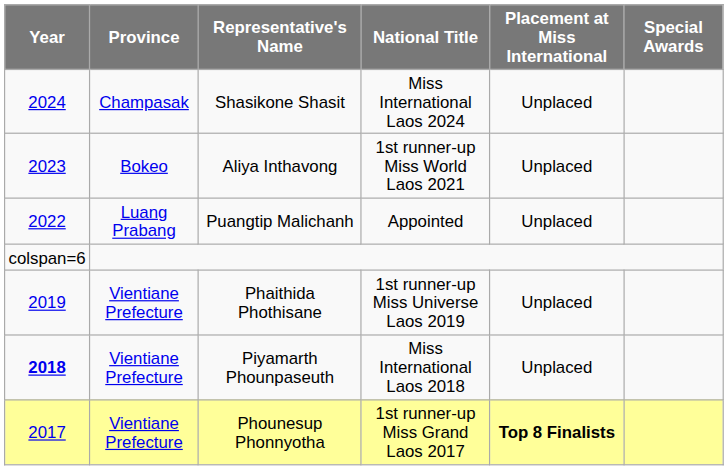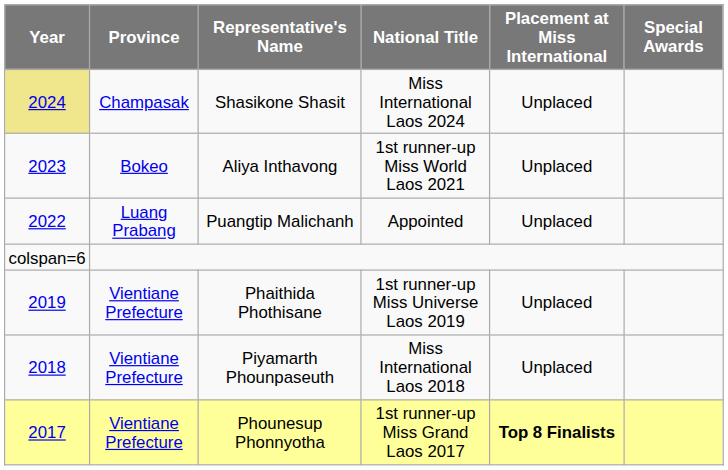 <table class="wikitable " style="font-size: 89%; text-align:center">
 <tr>
 <th width="50" style="background-color:#787878;color:#FFFFFF;">Year</th>
 <th width="150" style="background-color:#787878;color:#FFFFFF;">Province</th>
 <th width="250" style="background-color:#787878;color:#FFFFFF;">Representative's Name</th>
 <th width="260" style="background-color:#787878;color:#FFFFFF;">National Title</th>
 <th width="250" style="background-color:#787878;color:#FFFFFF;">Placement at Miss International</th>
 <th width="250" style="background-color:#787878;color:#FFFFFF;">Special Awards</th>
 </tr>
 <tr>
-<td><a href='#'>2024</a></td>
+<td style="background: khaki;"><a href='#'>2024</a></td>
 <td><a href='#'>Champasak</a></td>
 <td>Shasikone Shasit</td>
 <td>Miss International Laos 2024</td>
 <td>Unplaced</td>
 <td></td>
 </tr>
 <tr>
 <td><a href='#'>2023</a></td>
 <td><a href='#'>Bokeo</a></td>
 <td>Aliya Inthavong</td>
 <td>1st runner-up Miss World Laos 2021</td>
 <td>Unplaced</td>
 <td></td>
 </tr>
 <tr>
 <td><a href='#'>2022</a></td>
 <td><a href='#'>Luang Prabang</a></td>
 <td>Puangtip Malichanh</td>
 <td>Appointed</td>
 <td>Unplaced</td>
 <td></td>
 </tr>
 <tr>
 <td>colspan=6 </td>
 </tr>
 <tr>
 <td><a href='#'>2019</a></td>
 <td><a href='#'>Vientiane Prefecture</a></td>
 <td>Phaithida Phothisane</td>
 <td>1st runner-up Miss Universe Laos 2019</td>
 <td>Unplaced</td>
 <td></td>
 </tr>
 <tr>
-<td><strong><a href='#'>2018</a></strong></td>
+<td><a href='#'>2018</a></td>
 <td><a href='#'>Vientiane Prefecture</a></td>
 <td>Piyamarth Phounpaseuth</td>
 <td>Miss International Laos 2018</td>
 <td>Unplaced</td>
 <td></td>
 </tr>
 <tr style="background-color:#FFFF99;">
 <td><a href='#'>2017</a></td>
 <td><a href='#'>Vientiane Prefecture</a></td>
 <td>Phounesup Phonnyotha</td>
 <td>1st runner-up Miss Grand Laos 2017</td>
 <td><strong>Top 8 Finalists</strong></td>
 <td></td>
 </tr>
 </table>
